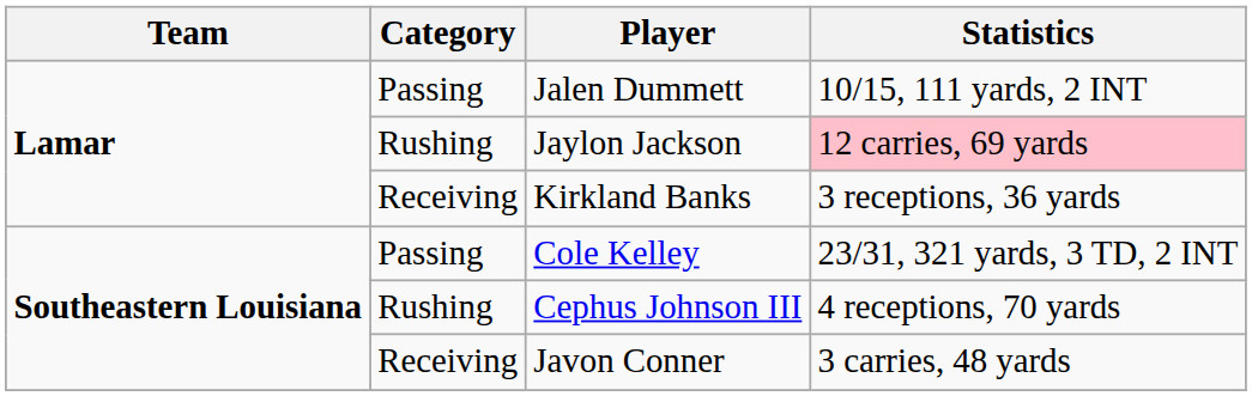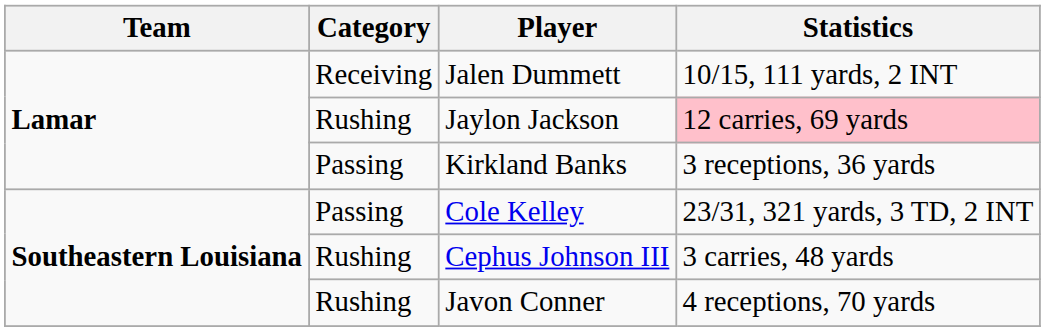 <table class="wikitable" style="float: left;">
 <tr>
 <th>Team</th>
 <th>Category</th>
 <th>Player</th>
 <th>Statistics</th>
 </tr>
 <tr>
 <td rowspan=3><strong>Lamar</strong></td>
-<td>Passing</td>
+<td>Receiving</td>
 <td>Jalen Dummett</td>
 <td>10/15, 111 yards, 2 INT</td>
 </tr>
 <tr>
 <td>Rushing</td>
 <td>Jaylon Jackson</td>
 <td style="background: pink;">12 carries, 69 yards</td>
 </tr>
 <tr>
-<td>Receiving</td>
+<td>Passing</td>
 <td>Kirkland Banks</td>
 <td>3 receptions, 36 yards</td>
 </tr>
 <tr>
 <td rowspan=3><strong>Southeastern Louisiana</strong></td>
 <td>Passing</td>
 <td><a href='#'>Cole Kelley</a></td>
 <td>23/31, 321 yards, 3 TD, 2 INT</td>
 </tr>
 <tr>
 <td>Rushing</td>
 <td><a href='#'>Cephus Johnson III</a></td>
+<td>3 carries, 48 yards</td>
+</tr>
+<tr>
+<td>Rushing</td>
+<td>Javon Conner</td>
 <td>4 receptions, 70 yards</td>
 </tr>
-<tr>
-<td>Receiving</td>
-<td>Javon Conner</td>
-<td>3 carries, 48 yards</td>
-</tr>
 </table>
